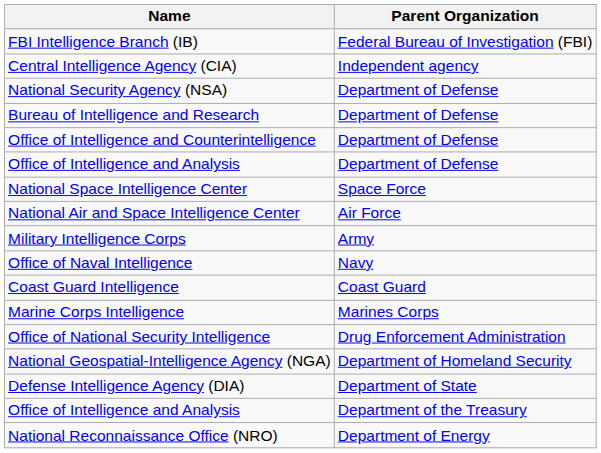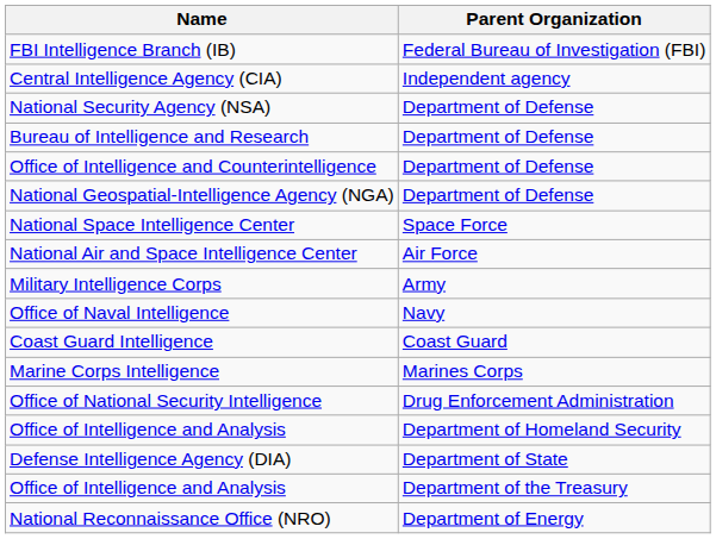 <table class="wikitable">
 <tr>
 <th>Name</th>
 <th>Parent Organization</th>
 </tr>
 <tr>
 <td><a href='#'>FBI Intelligence Branch</a> (IB)</td>
 <td><a href='#'>Federal Bureau of Investigation</a> (FBI)</td>
 </tr>
 <tr>
 <td><a href='#'>Central Intelligence Agency</a> (CIA)</td>
 <td><a href='#'>Independent agency</a></td>
 </tr>
 <tr>
 <td><a href='#'>National Security Agency</a> (NSA)</td>
 <td><a href='#'>Department of Defense</a></td>
 </tr>
 <tr>
 <td><a href='#'>Bureau of Intelligence and Research</a></td>
 <td><a href='#'>Department of Defense</a></td>
 </tr>
 <tr>
 <td><a href='#'>Office of Intelligence and Counterintelligence</a></td>
 <td><a href='#'>Department of Defense</a></td>
 </tr>
 <tr>
-<td><a href='#'>Office of Intelligence and Analysis</a></td>
+<td><a href='#'>National Geospatial-Intelligence Agency</a> (NGA)</td>
 <td><a href='#'>Department of Defense</a></td>
 </tr>
 <tr>
 <td><a href='#'>National Space Intelligence Center</a></td>
 <td><a href='#'>Space Force</a></td>
 </tr>
 <tr>
 <td><a href='#'>National Air and Space Intelligence Center</a></td>
 <td><a href='#'>Air Force</a></td>
 </tr>
 <tr>
 <td><a href='#'>Military Intelligence Corps</a></td>
 <td><a href='#'>Army</a></td>
 </tr>
 <tr>
 <td><a href='#'>Office of Naval Intelligence</a></td>
 <td><a href='#'>Navy</a></td>
 </tr>
 <tr>
 <td><a href='#'>Coast Guard Intelligence</a></td>
 <td><a href='#'>Coast Guard</a></td>
 </tr>
 <tr>
 <td><a href='#'>Marine Corps Intelligence</a></td>
 <td><a href='#'>Marines Corps</a></td>
 </tr>
 <tr>
 <td><a href='#'>Office of National Security Intelligence</a></td>
 <td><a href='#'>Drug Enforcement Administration</a></td>
 </tr>
 <tr>
-<td><a href='#'>National Geospatial-Intelligence Agency</a> (NGA)</td>
+<td><a href='#'>Office of Intelligence and Analysis</a></td>
 <td><a href='#'>Department of Homeland Security</a></td>
 </tr>
 <tr>
 <td><a href='#'>Defense Intelligence Agency</a> (DIA)</td>
 <td><a href='#'>Department of State</a></td>
 </tr>
 <tr>
 <td><a href='#'>Office of Intelligence and Analysis</a></td>
 <td><a href='#'>Department of the Treasury</a></td>
 </tr>
 <tr>
 <td><a href='#'>National Reconnaissance Office</a> (NRO)</td>
 <td><a href='#'>Department of Energy</a></td>
 </tr>
 </table>
